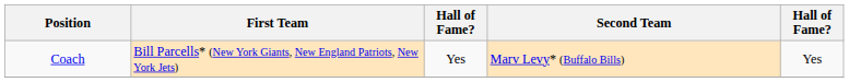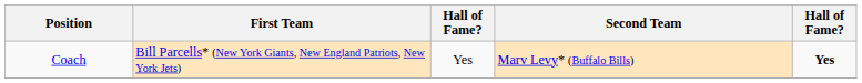 <table class="wikitable" width=80%>
 <tr>
 <th style="width:15%;">Position</th>
 <th style="width:35%;">First Team</th>
 <th style="width:7.5%;">Hall of Fame?</th>
 <th style="width:35%;">Second Team</th>
 <th style="width:7.5%;">Hall of Fame?</th>
 </tr>
 <tr>
 <td align=center><a href='#'>Coach</a></td>
 <td style="background-color:#FFE6BD"><a href='#'>Bill Parcells</a>* <small>(<a href='#'>New York Giants</a>, <a href='#'>New England Patriots</a>, <a href='#'>New York Jets</a>)</small></td>
 <td align=center>Yes</td>
 <td style="background-color:#FFE6BD"><a href='#'>Marv Levy</a>* <small>(<a href='#'>Buffalo Bills</a>)</small></td>
-<td align=center>Yes</td>
+<td align=center><strong>Yes</strong></td>
 </tr>
 <tr>
 </tr>
 </table>
